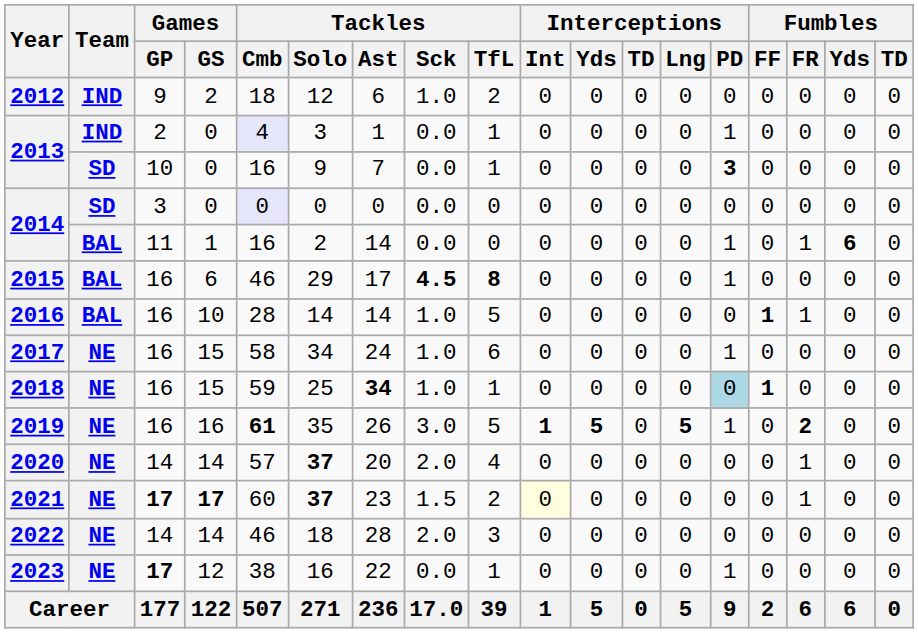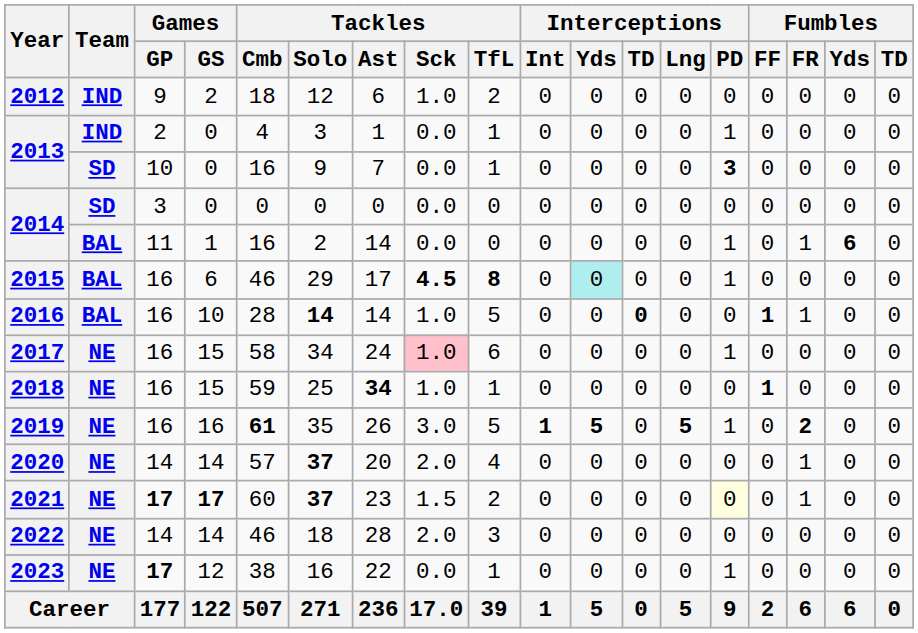 <table class="wikitable" style="text-align:center;">
 <tr>
 <th rowspan="2">Year</th>
 <th rowspan="2">Team</th>
 <th colspan="2">Games</th>
 <th colspan="5">Tackles</th>
 <th colspan="5">Interceptions</th>
 <th colspan="4">Fumbles</th>
 </tr>
 <tr>
 <th>GP</th>
 <th>GS</th>
 <th>Cmb</th>
 <th>Solo</th>
 <th>Ast</th>
 <th>Sck</th>
 <th>TfL</th>
 <th>Int</th>
 <th>Yds</th>
 <th>TD</th>
 <th>Lng</th>
 <th>PD</th>
 <th>FF</th>
 <th>FR</th>
 <th>Yds</th>
 <th>TD</th>
 </tr>
 <tr>
 <th><a href='#'>2012</a></th>
 <th><a href='#'>IND</a></th>
 <td>9</td>
 <td>2</td>
 <td>18</td>
 <td>12</td>
 <td>6</td>
 <td>1.0</td>
 <td>2</td>
 <td>0</td>
 <td>0</td>
 <td>0</td>
 <td>0</td>
 <td>0</td>
 <td>0</td>
 <td>0</td>
 <td>0</td>
 <td>0</td>
 </tr>
 <tr>
 <th rowspan="2"><a href='#'>2013</a></th>
 <th><a href='#'>IND</a></th>
 <td>2</td>
 <td>0</td>
-<td style="background: lavender;">4</td>
+<td>4</td>
 <td>3</td>
 <td>1</td>
 <td>0.0</td>
 <td>1</td>
 <td>0</td>
 <td>0</td>
 <td>0</td>
 <td>0</td>
 <td>1</td>
 <td>0</td>
 <td>0</td>
 <td>0</td>
 <td>0</td>
 </tr>
 <tr>
 <th><a href='#'>SD</a></th>
 <td>10</td>
 <td>0</td>
 <td>16</td>
 <td>9</td>
 <td>7</td>
 <td>0.0</td>
 <td>1</td>
 <td>0</td>
 <td>0</td>
 <td>0</td>
 <td>0</td>
 <td><strong>3</strong></td>
 <td>0</td>
 <td>0</td>
 <td>0</td>
 <td>0</td>
 </tr>
 <tr>
 <th rowspan="2"><a href='#'>2014</a></th>
 <th><a href='#'>SD</a></th>
 <td>3</td>
 <td>0</td>
-<td style="background: lavender;">0</td>
+<td>0</td>
 <td>0</td>
 <td>0</td>
 <td>0.0</td>
 <td>0</td>
 <td>0</td>
 <td>0</td>
 <td>0</td>
 <td>0</td>
 <td>0</td>
 <td>0</td>
 <td>0</td>
 <td>0</td>
 <td>0</td>
 </tr>
 <tr>
 <th><a href='#'>BAL</a></th>
 <td>11</td>
 <td>1</td>
 <td>16</td>
 <td>2</td>
 <td>14</td>
 <td>0.0</td>
 <td>0</td>
 <td>0</td>
 <td>0</td>
 <td>0</td>
 <td>0</td>
 <td>1</td>
 <td>0</td>
 <td>1</td>
 <td><strong>6</strong></td>
 <td>0</td>
 </tr>
 <tr>
 <th><a href='#'>2015</a></th>
 <th><a href='#'>BAL</a></th>
 <td>16</td>
 <td>6</td>
 <td>46</td>
 <td>29</td>
 <td>17</td>
 <td><strong>4.5</strong></td>
 <td><strong>8</strong></td>
 <td>0</td>
-<td>0</td>
+<td style="background: paleturquoise;">0</td>
 <td>0</td>
 <td>0</td>
 <td>1</td>
 <td>0</td>
 <td>0</td>
 <td>0</td>
 <td>0</td>
 </tr>
 <tr>
 <th><a href='#'>2016</a></th>
 <th><a href='#'>BAL</a></th>
 <td>16</td>
 <td>10</td>
 <td>28</td>
-<td>14</td>
+<td><strong>14</strong></td>
 <td>14</td>
 <td>1.0</td>
 <td>5</td>
 <td>0</td>
 <td>0</td>
-<td>0</td>
+<td><strong>0</strong></td>
 <td>0</td>
 <td>0</td>
 <td><strong>1</strong></td>
 <td>1</td>
 <td>0</td>
 <td>0</td>
 </tr>
 <tr>
 <th><a href='#'>2017</a></th>
 <th><a href='#'>NE</a></th>
 <td>16</td>
 <td>15</td>
 <td>58</td>
 <td>34</td>
 <td>24</td>
-<td>1.0</td>
+<td style="background: pink;">1.0</td>
 <td>6</td>
 <td>0</td>
 <td>0</td>
 <td>0</td>
 <td>0</td>
 <td>1</td>
 <td>0</td>
 <td>0</td>
 <td>0</td>
 <td>0</td>
 </tr>
 <tr>
 <th><a href='#'>2018</a></th>
 <th><a href='#'>NE</a></th>
 <td>16</td>
 <td>15</td>
 <td>59</td>
 <td>25</td>
 <td><strong>34</strong></td>
 <td>1.0</td>
 <td>1</td>
 <td>0</td>
 <td>0</td>
 <td>0</td>
 <td>0</td>
-<td style="background: lightblue;">0</td>
+<td>0</td>
 <td><strong>1</strong></td>
 <td>0</td>
 <td>0</td>
 <td>0</td>
 </tr>
 <tr>
 <th><a href='#'>2019</a></th>
 <th><a href='#'>NE</a></th>
 <td>16</td>
 <td>16</td>
 <td><strong>61</strong></td>
 <td>35</td>
 <td>26</td>
 <td>3.0</td>
 <td>5</td>
 <td><strong>1</strong></td>
 <td><strong>5</strong></td>
 <td>0</td>
 <td><strong>5</strong></td>
 <td>1</td>
 <td>0</td>
 <td><strong>2</strong></td>
 <td>0</td>
 <td>0</td>
 </tr>
 <tr>
 <th><a href='#'>2020</a></th>
 <th><a href='#'>NE</a></th>
 <td>14</td>
 <td>14</td>
 <td>57</td>
 <td><strong>37</strong></td>
 <td>20</td>
 <td>2.0</td>
 <td>4</td>
 <td>0</td>
 <td>0</td>
 <td>0</td>
 <td>0</td>
 <td>0</td>
 <td>0</td>
 <td>1</td>
 <td>0</td>
 <td>0</td>
 </tr>
 <tr>
 <th><a href='#'>2021</a></th>
 <th><a href='#'>NE</a></th>
 <td><strong>17</strong></td>
 <td><strong>17</strong></td>
 <td>60</td>
 <td><strong>37</strong></td>
 <td>23</td>
 <td>1.5</td>
 <td>2</td>
-<td style="background: lightyellow;">0</td>
 <td>0</td>
 <td>0</td>
 <td>0</td>
 <td>0</td>
+<td style="background: lightyellow;">0</td>
 <td>0</td>
 <td>1</td>
 <td>0</td>
 <td>0</td>
 </tr>
 <tr>
 <th><a href='#'>2022</a></th>
 <th><a href='#'>NE</a></th>
 <td>14</td>
 <td>14</td>
 <td>46</td>
 <td>18</td>
 <td>28</td>
 <td>2.0</td>
 <td>3</td>
 <td>0</td>
 <td>0</td>
 <td>0</td>
 <td>0</td>
 <td>0</td>
 <td>0</td>
 <td>0</td>
 <td>0</td>
 <td>0</td>
 </tr>
 <tr>
 <th><a href='#'>2023</a></th>
 <th><a href='#'>NE</a></th>
 <td><strong>17</strong></td>
 <td>12</td>
 <td>38</td>
 <td>16</td>
 <td>22</td>
 <td>0.0</td>
 <td>1</td>
 <td>0</td>
 <td>0</td>
 <td>0</td>
 <td>0</td>
 <td>1</td>
 <td>0</td>
 <td>0</td>
 <td>0</td>
 <td>0</td>
 </tr>
 <tr>
 <th colspan="2">Career</th>
 <th>177</th>
 <th>122</th>
 <th>507</th>
 <th>271</th>
 <th>236</th>
 <th>17.0</th>
 <th>39</th>
 <th>1</th>
 <th>5</th>
 <th>0</th>
 <th>5</th>
 <th>9</th>
 <th>2</th>
 <th>6</th>
 <th>6</th>
 <th>0</th>
 </tr>
 </table>
